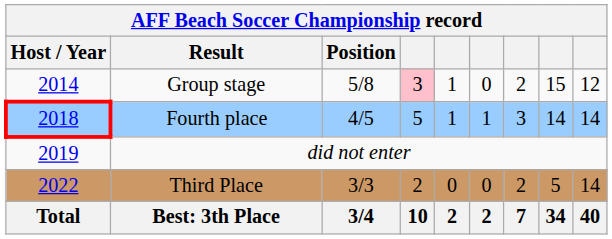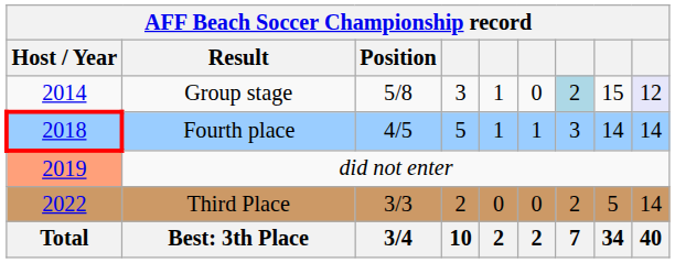 <table class="wikitable" style="text-align: center;">
 <tr>
 <th colspan=9><a href='#'>AFF Beach Soccer Championship</a> record</th>
 </tr>
 <tr>
 <th>Host / Year</th>
 <th width=160>Result</th>
 <th>Position</th>
 <th width=20></th>
 <th width=20></th>
 <th width=20></th>
 <th width=20></th>
 <th width=20></th>
 <th width=20></th>
 </tr>
 <tr>
 <td> <a href='#'>2014</a></td>
 <td>Group stage</td>
 <td>5/8</td>
-<td style="background: pink;">3</td>
+<td>3</td>
 <td>1</td>
 <td>0</td>
-<td>2</td>
+<td style="background: lightblue;">2</td>
 <td>15</td>
-<td>12</td>
+<td style="background: lavender;">12</td>
 </tr>
 <tr style="background:#9acdff;">
 <td style="border: 3px solid red"> <a href='#'>2018</a></td>
 <td>Fourth place</td>
 <td>4/5</td>
 <td>5</td>
 <td>1</td>
 <td>1</td>
 <td>3</td>
 <td>14</td>
 <td>14</td>
 </tr>
 <tr>
-<td> <a href='#'>2019</a></td>
+<td style="background: lightsalmon;"> <a href='#'>2019</a></td>
 <td colspan="8"><em>did not enter</em></td>
 </tr>
 <tr bgcolor=#cc9966>
 <td> <a href='#'>2022</a></td>
 <td>Third Place</td>
 <td>3/3</td>
 <td>2</td>
 <td>0</td>
 <td>0</td>
 <td>2</td>
 <td>5</td>
 <td>14</td>
 </tr>
 <tr>
 <th>Total</th>
 <th>Best: 3th Place</th>
 <th>3/4</th>
 <th>10</th>
 <th>2</th>
 <th>2</th>
 <th>7</th>
 <th>34</th>
 <th>40</th>
 </tr>
 </table>
